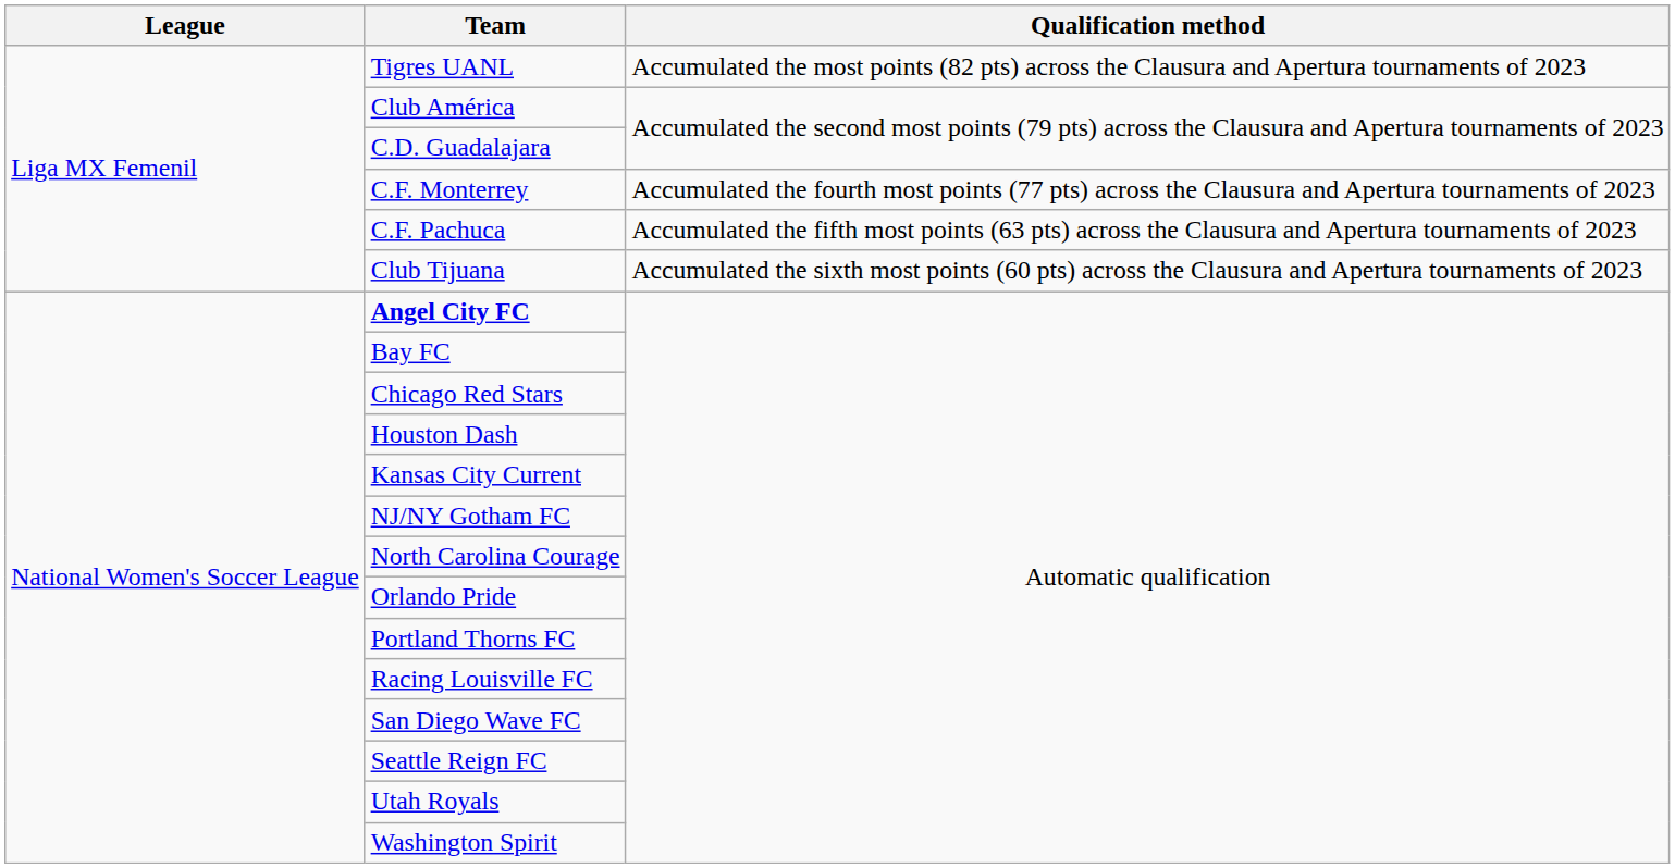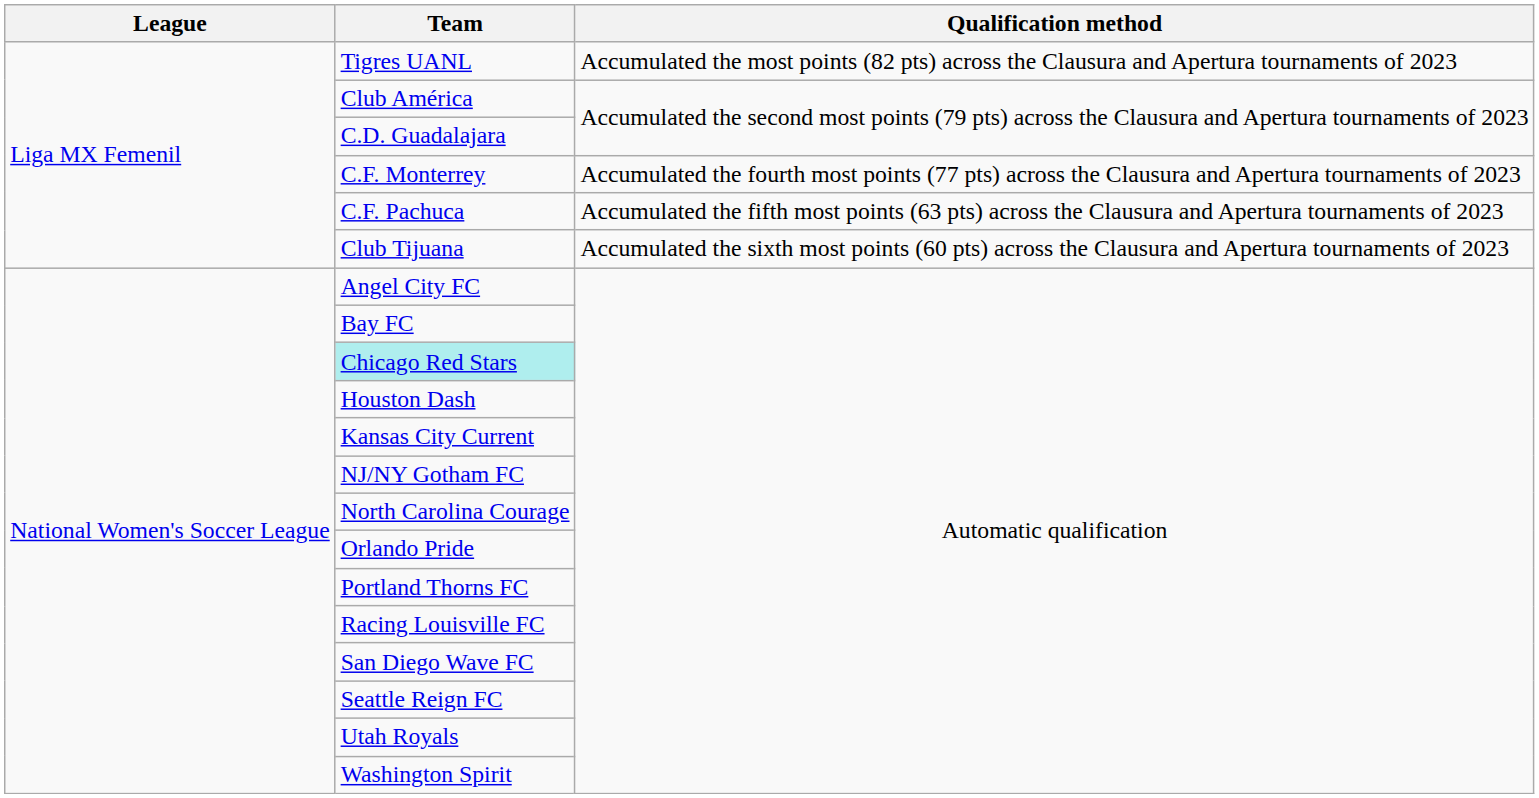 <table class="wikitable">
 <tr>
 <th>League</th>
 <th>Team</th>
 <th>Qualification method</th>
 </tr>
 <tr>
 <td rowspan="6"> <a href='#'>Liga MX Femenil</a><br></td>
 <td><a href='#'>Tigres UANL</a></td>
 <td>Accumulated the most points (82 pts) across the Clausura and Apertura tournaments of 2023</td>
 </tr>
 <tr>
 <td><a href='#'>Club América</a></td>
 <td rowspan="2">Accumulated the second most points (79 pts) across the Clausura and Apertura tournaments of 2023</td>
 </tr>
 <tr>
 <td><a href='#'>C.D. Guadalajara</a></td>
 </tr>
 <tr>
 <td><a href='#'>C.F. Monterrey</a></td>
 <td>Accumulated the fourth most points (77 pts) across the Clausura and Apertura tournaments of 2023</td>
 </tr>
 <tr>
 <td><a href='#'>C.F. Pachuca</a></td>
 <td>Accumulated the fifth most points (63 pts) across the Clausura and Apertura tournaments of 2023</td>
 </tr>
 <tr>
 <td><a href='#'>Club Tijuana</a></td>
 <td>Accumulated the sixth most points (60 pts) across the Clausura and Apertura tournaments of 2023</td>
 </tr>
 <tr>
 <td rowspan="14"> <a href='#'>National Women's Soccer League</a><br></td>
-<td><strong><a href='#'>Angel City FC</a></strong></td>
+<td><a href='#'>Angel City FC</a></td>
 <td rowspan="14" align="center">Automatic qualification</td>
 </tr>
 <tr>
 <td><a href='#'>Bay FC</a></td>
 </tr>
 <tr>
-<td><a href='#'>Chicago Red Stars</a></td>
+<td style="background: paleturquoise;"><a href='#'>Chicago Red Stars</a></td>
 </tr>
 <tr>
 <td><a href='#'>Houston Dash</a></td>
 </tr>
 <tr>
 <td><a href='#'>Kansas City Current</a></td>
 </tr>
 <tr>
 <td><a href='#'>NJ/NY Gotham FC</a></td>
 </tr>
 <tr>
 <td><a href='#'>North Carolina Courage</a></td>
 </tr>
 <tr>
 <td><a href='#'>Orlando Pride</a></td>
 </tr>
 <tr>
 <td><a href='#'>Portland Thorns FC</a></td>
 </tr>
 <tr>
 <td><a href='#'>Racing Louisville FC</a></td>
 </tr>
 <tr>
 <td><a href='#'>San Diego Wave FC</a></td>
 </tr>
 <tr>
 <td><a href='#'>Seattle Reign FC</a></td>
 </tr>
 <tr>
 <td><a href='#'>Utah Royals</a></td>
 </tr>
 <tr>
 <td><a href='#'>Washington Spirit</a></td>
 </tr>
 </table>
